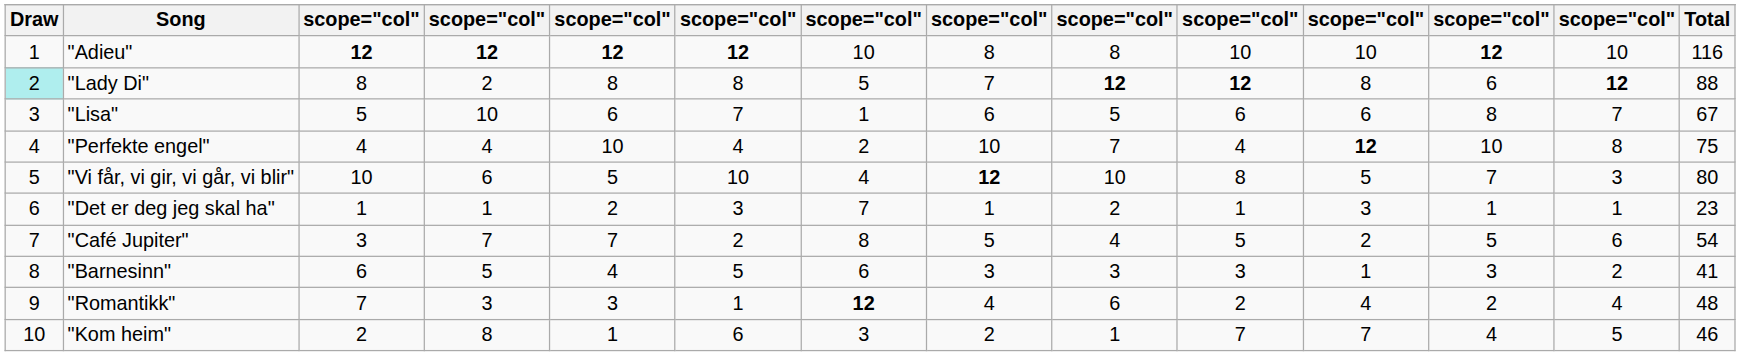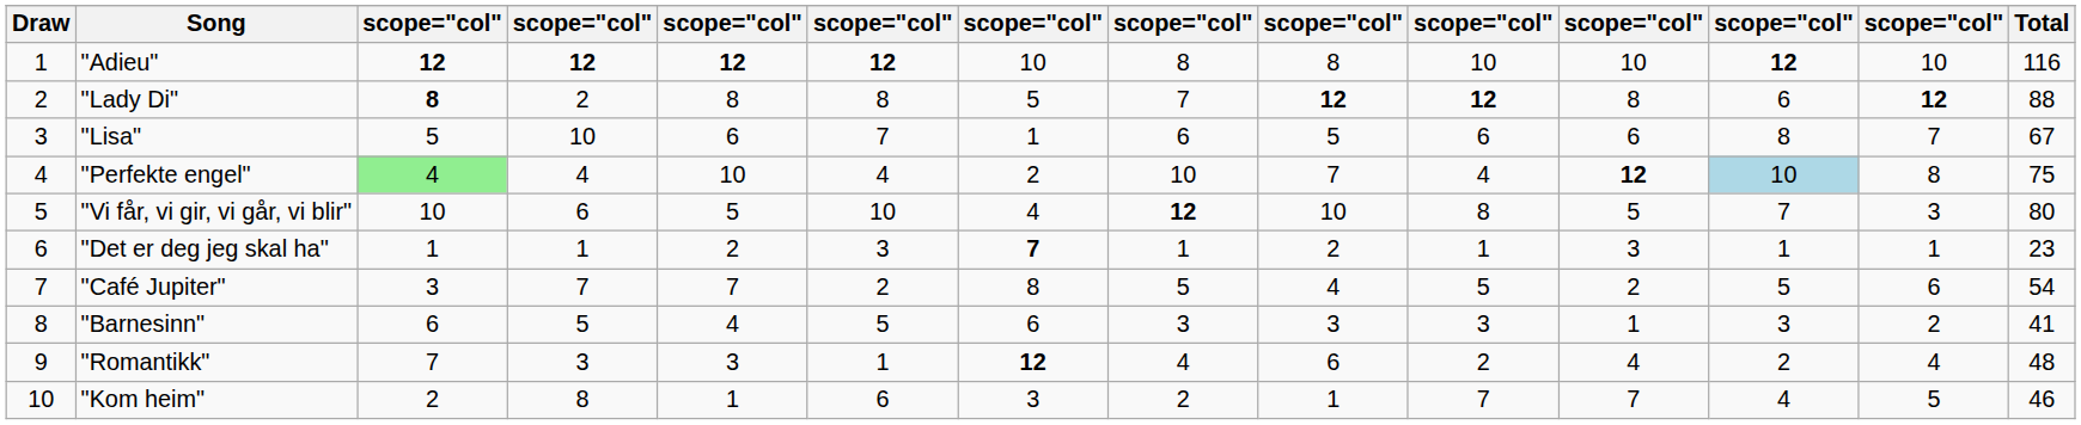 <table class="wikitable plainrowheaders" style="margin: 1em auto 1em auto; text-align:center;">
 <tr>
 </tr>
 <tr>
 <th scope="col">Draw</th>
 <th scope="col">Song</th>
 <th>scope="col" </th>
 <th>scope="col" </th>
 <th>scope="col" </th>
 <th>scope="col" </th>
 <th>scope="col" </th>
 <th>scope="col" </th>
 <th>scope="col" </th>
 <th>scope="col" </th>
 <th>scope="col" </th>
 <th>scope="col" </th>
 <th>scope="col" </th>
 <th scope="col">Total</th>
 </tr>
 <tr>
 <td>1</td>
 <td align="left">"Adieu"</td>
 <td><strong>12</strong></td>
 <td><strong>12</strong></td>
 <td><strong>12</strong></td>
 <td><strong>12</strong></td>
 <td>10</td>
 <td>8</td>
 <td>8</td>
 <td>10</td>
 <td>10</td>
 <td><strong>12</strong></td>
 <td>10</td>
 <td>116</td>
 </tr>
 <tr>
-<td style="background: paleturquoise;">2</td>
+<td>2</td>
 <td align="left">"Lady Di"</td>
-<td>8</td>
+<td><strong>8</strong></td>
 <td>2</td>
 <td>8</td>
 <td>8</td>
 <td>5</td>
 <td>7</td>
 <td><strong>12</strong></td>
 <td><strong>12</strong></td>
 <td>8</td>
 <td>6</td>
 <td><strong>12</strong></td>
 <td>88</td>
 </tr>
 <tr>
 <td>3</td>
 <td align="left">"Lisa"</td>
 <td>5</td>
 <td>10</td>
 <td>6</td>
 <td>7</td>
 <td>1</td>
 <td>6</td>
 <td>5</td>
 <td>6</td>
 <td>6</td>
 <td>8</td>
 <td>7</td>
 <td>67</td>
 </tr>
 <tr>
 <td>4</td>
 <td align="left">"Perfekte engel"</td>
-<td>4</td>
+<td style="background: lightgreen;">4</td>
 <td>4</td>
 <td>10</td>
 <td>4</td>
 <td>2</td>
 <td>10</td>
 <td>7</td>
 <td>4</td>
 <td><strong>12</strong></td>
-<td>10</td>
+<td style="background: lightblue;">10</td>
 <td>8</td>
 <td>75</td>
 </tr>
 <tr>
 <td>5</td>
 <td align="left">"Vi får, vi gir, vi går, vi blir"</td>
 <td>10</td>
 <td>6</td>
 <td>5</td>
 <td>10</td>
 <td>4</td>
 <td><strong>12</strong></td>
 <td>10</td>
 <td>8</td>
 <td>5</td>
 <td>7</td>
 <td>3</td>
 <td>80</td>
 </tr>
 <tr>
 <td>6</td>
 <td align="left">"Det er deg jeg skal ha"</td>
 <td>1</td>
 <td>1</td>
 <td>2</td>
 <td>3</td>
-<td>7</td>
+<td><strong>7</strong></td>
 <td>1</td>
 <td>2</td>
 <td>1</td>
 <td>3</td>
 <td>1</td>
 <td>1</td>
 <td>23</td>
 </tr>
 <tr>
 <td>7</td>
 <td align="left">"Café Jupiter"</td>
 <td>3</td>
 <td>7</td>
 <td>7</td>
 <td>2</td>
 <td>8</td>
 <td>5</td>
 <td>4</td>
 <td>5</td>
 <td>2</td>
 <td>5</td>
 <td>6</td>
 <td>54</td>
 </tr>
 <tr>
 <td>8</td>
 <td align="left">"Barnesinn"</td>
 <td>6</td>
 <td>5</td>
 <td>4</td>
 <td>5</td>
 <td>6</td>
 <td>3</td>
 <td>3</td>
 <td>3</td>
 <td>1</td>
 <td>3</td>
 <td>2</td>
 <td>41</td>
 </tr>
 <tr>
 <td>9</td>
 <td align="left">"Romantikk"</td>
 <td>7</td>
 <td>3</td>
 <td>3</td>
 <td>1</td>
 <td><strong>12</strong></td>
 <td>4</td>
 <td>6</td>
 <td>2</td>
 <td>4</td>
 <td>2</td>
 <td>4</td>
 <td>48</td>
 </tr>
 <tr>
 <td>10</td>
 <td align="left">"Kom heim"</td>
 <td>2</td>
 <td>8</td>
 <td>1</td>
 <td>6</td>
 <td>3</td>
 <td>2</td>
 <td>1</td>
 <td>7</td>
 <td>7</td>
 <td>4</td>
 <td>5</td>
 <td>46</td>
 </tr>
 </table>
